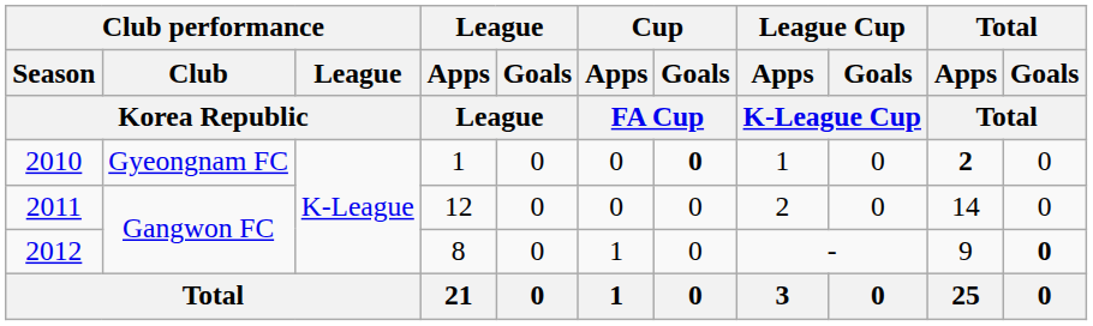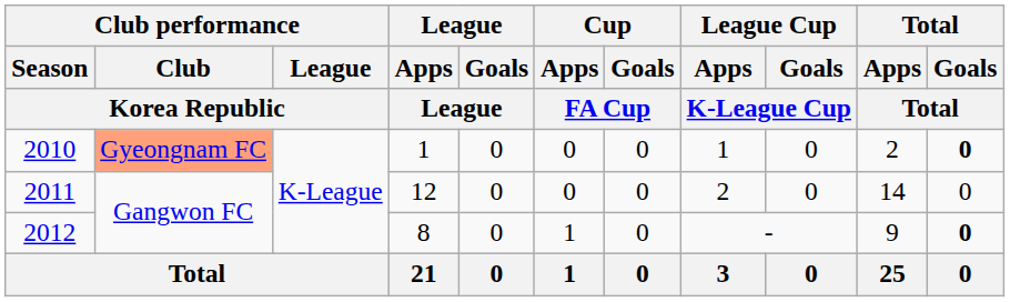 <table class="wikitable" style="text-align:center;">
 <tr>
 <th colspan=3>Club performance</th>
 <th colspan=2>League</th>
 <th colspan=2>Cup</th>
 <th colspan=2>League Cup</th>
 <th colspan=2>Total</th>
 </tr>
 <tr>
 <th>Season</th>
 <th>Club</th>
 <th>League</th>
 <th>Apps</th>
 <th>Goals</th>
 <th>Apps</th>
 <th>Goals</th>
 <th>Apps</th>
 <th>Goals</th>
 <th>Apps</th>
 <th>Goals</th>
 </tr>
 <tr>
 <th colspan=3>Korea Republic</th>
 <th colspan=2>League</th>
 <th colspan=2><a href='#'>FA Cup</a></th>
 <th colspan=2><a href='#'>K-League Cup</a></th>
 <th colspan=2>Total</th>
 </tr>
 <tr>
 <td><a href='#'>2010</a></td>
-<td rowspan="1"><a href='#'>Gyeongnam FC</a></td>
+<td rowspan="1" style="background: lightsalmon;"><a href='#'>Gyeongnam FC</a></td>
 <td rowspan="3"><a href='#'>K-League</a></td>
 <td>1</td>
 <td>0</td>
 <td>0</td>
-<td><strong>0</strong></td>
+<td>0</td>
 <td>1</td>
 <td>0</td>
-<td><strong>2</strong></td>
-<td>0</td>
+<td>2</td>
+<td><strong>0</strong></td>
 </tr>
 <tr>
 <td><a href='#'>2011</a></td>
 <td rowspan="2"><a href='#'>Gangwon FC</a></td>
 <td>12</td>
 <td>0</td>
 <td>0</td>
 <td>0</td>
 <td>2</td>
 <td>0</td>
 <td>14</td>
 <td>0</td>
 </tr>
 <tr>
 <td><a href='#'>2012</a></td>
 <td>8</td>
 <td>0</td>
 <td>1</td>
 <td>0</td>
 <td colspan=2>-</td>
 <td>9</td>
 <td><strong>0</strong></td>
 </tr>
 <tr>
 <th colspan=3>Total</th>
 <th>21</th>
 <th>0</th>
 <th>1</th>
 <th>0</th>
 <th>3</th>
 <th>0</th>
 <th>25</th>
 <th>0</th>
 </tr>
 </table>
